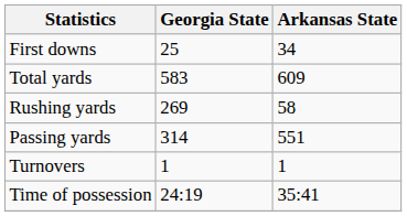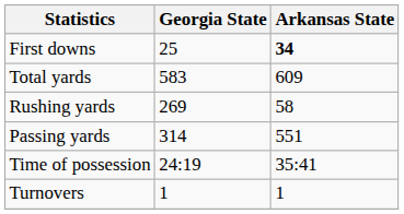 <table class="wikitable">
 <tr>
 <th>Statistics</th>
 <th>Georgia State</th>
 <th>Arkansas State</th>
 </tr>
 <tr>
 <td>First downs</td>
 <td>25</td>
-<td>34</td>
+<td><strong>34</strong></td>
 </tr>
 <tr>
 <td>Total yards</td>
 <td>583</td>
 <td>609</td>
 </tr>
 <tr>
 <td>Rushing yards</td>
 <td>269</td>
 <td>58</td>
 </tr>
 <tr>
 <td>Passing yards</td>
 <td>314</td>
 <td>551</td>
 </tr>
 <tr>
+<td>Time of possession</td>
+<td>24:19</td>
+<td>35:41</td>
+</tr>
+<tr>
 <td>Turnovers</td>
 <td>1</td>
 <td>1</td>
 </tr>
 <tr>
-<td>Time of possession</td>
-<td>24:19</td>
-<td>35:41</td>
-</tr>
-<tr>
 </tr>
 </table>
